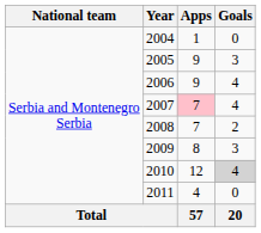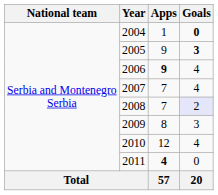 <table class="wikitable" style="text-align:center">
 <tr>
 <th>National team</th>
 <th>Year</th>
 <th>Apps</th>
 <th>Goals</th>
 </tr>
 <tr>
 <td rowspan=8><a href='#'>Serbia and Montenegro</a><br><a href='#'>Serbia</a></td>
 <td>2004</td>
 <td>1</td>
-<td>0</td>
+<td><strong>0</strong></td>
 </tr>
 <tr>
 <td>2005</td>
 <td>9</td>
-<td>3</td>
+<td><strong>3</strong></td>
 </tr>
 <tr>
 <td>2006</td>
-<td>9</td>
+<td><strong>9</strong></td>
 <td>4</td>
 </tr>
 <tr>
 <td>2007</td>
-<td style="background: pink;">7</td>
+<td>7</td>
 <td>4</td>
 </tr>
 <tr>
 <td>2008</td>
 <td>7</td>
-<td>2</td>
+<td style="background: lavender;">2</td>
 </tr>
 <tr>
 <td>2009</td>
 <td>8</td>
 <td>3</td>
 </tr>
 <tr>
 <td>2010</td>
 <td>12</td>
-<td style="background: lightgrey;">4</td>
+<td>4</td>
 </tr>
 <tr>
 <td>2011</td>
-<td>4</td>
+<td><strong>4</strong></td>
 <td>0</td>
 </tr>
 <tr>
 <th colspan=2>Total</th>
 <th>57</th>
 <th>20</th>
 </tr>
 </table>
